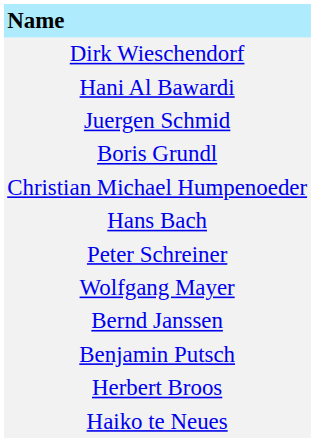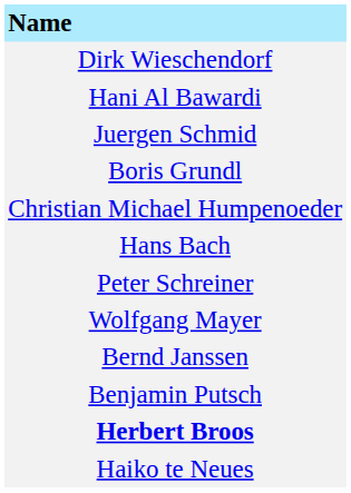 <table border=0 cellpadding=2 cellspacing=0  |- bgcolor=#F2F2F2 style="text-align:center; font-size:90%;">
 <tr bgcolor=#ADEBFD>
 <th align=left>Name</th>
 </tr>
 <tr>
 <td><a href='#'>Dirk Wieschendorf</a></td>
 </tr>
 <tr>
 <td><a href='#'>Hani Al Bawardi</a></td>
 </tr>
 <tr>
 <td><a href='#'>Juergen Schmid</a></td>
 </tr>
 <tr>
 <td><a href='#'>Boris Grundl</a></td>
 </tr>
 <tr>
 <td><a href='#'>Christian Michael Humpenoeder</a></td>
 </tr>
 <tr>
 <td><a href='#'>Hans Bach</a></td>
 </tr>
 <tr>
 <td><a href='#'>Peter Schreiner</a></td>
 </tr>
 <tr>
 <td><a href='#'>Wolfgang Mayer</a></td>
 </tr>
 <tr>
 <td><a href='#'>Bernd Janssen</a></td>
 </tr>
 <tr>
 <td><a href='#'>Benjamin Putsch</a></td>
 </tr>
 <tr>
-<td><a href='#'>Herbert Broos</a></td>
+<td><strong><a href='#'>Herbert Broos</a></strong></td>
 </tr>
 <tr>
 <td><a href='#'>Haiko te Neues</a></td>
 </tr>
 </table>
